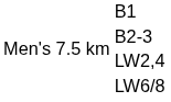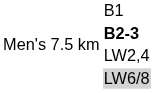 <table>
 <tr>
 <td rowspan="4">Men's 7.5 km</td>
 <td>B1<br></td>
 <td></td>
 <td></td>
 <td></td>
 </tr>
 <tr>
-<td>B2-3<br></td>
+<td><strong>B2-3<br></strong></td>
 <td></td>
 <td></td>
 <td></td>
 </tr>
 <tr>
 <td>LW2,4<br></td>
 <td></td>
 <td></td>
 <td></td>
 </tr>
 <tr>
-<td>LW6/8<br></td>
+<td style="background: lightgrey;">LW6/8<br></td>
 <td></td>
 <td></td>
 <td></td>
 </tr>
 </table>
